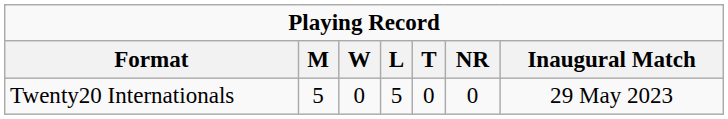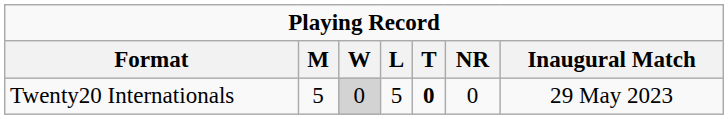 <table class="wikitable" style="text-align: center; width: 500px;">
 <tr>
 <td colspan=7 align="center"><strong>Playing Record</strong></td>
 </tr>
 <tr>
 <th>Format</th>
 <th>M</th>
 <th>W</th>
 <th>L</th>
 <th>T</th>
 <th>NR</th>
 <th>Inaugural Match</th>
 </tr>
 <tr>
 <td align="left">Twenty20 Internationals</td>
 <td>5</td>
-<td>0</td>
+<td style="background: lightgrey;">0</td>
 <td>5</td>
-<td>0</td>
+<td><strong>0</strong></td>
 <td>0</td>
 <td>29 May 2023</td>
 </tr>
 </table>
